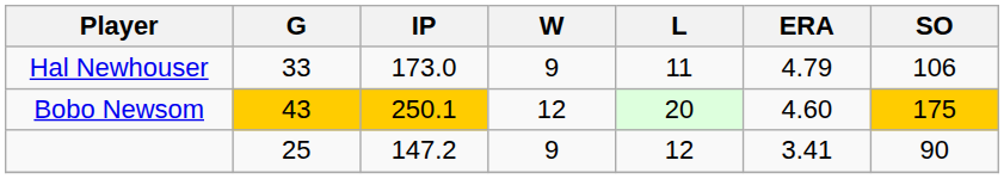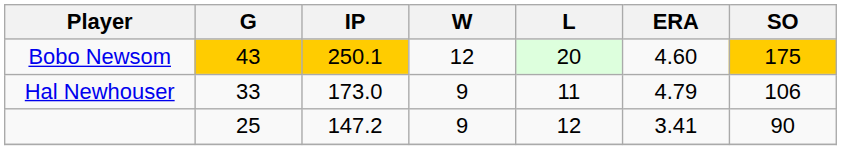 <table class="wikitable sortable">
 <tr>
 <th bgcolor="#DDDDFF" width="16%">Player</th>
 <th bgcolor="#DDDDFF" width="9%">G</th>
 <th bgcolor="#DDDDFF" width="9%">IP</th>
 <th bgcolor="#DDDDFF" width="9%">W</th>
 <th bgcolor="#DDDDFF" width="9%">L</th>
 <th bgcolor="#DDDDFF" width="9%">ERA</th>
 <th bgcolor="#DDDDFF" width="9%">SO</th>
 </tr>
 <tr align="center">
+<td><a href='#'>Bobo Newsom</a></td>
+<td style="background:#fc0;">43</td>
+<td style="background:#fc0;">250.1</td>
+<td>12</td>
+<td style="background:#DDFFDD;">20</td>
+<td>4.60</td>
+<td style="background:#fc0;">175</td>
+</tr>
+<tr align="center">
 <td><a href='#'>Hal Newhouser</a></td>
 <td>33</td>
 <td>173.0</td>
 <td>9</td>
 <td>11</td>
 <td>4.79</td>
 <td>106</td>
-</tr>
-<tr align="center">
-<td><a href='#'>Bobo Newsom</a></td>
-<td style="background:#fc0;">43</td>
-<td style="background:#fc0;">250.1</td>
-<td>12</td>
-<td style="background:#DDFFDD;">20</td>
-<td>4.60</td>
-<td style="background:#fc0;">175</td>
 </tr>
 <tr align="center">
 <td></td>
 <td>25</td>
 <td>147.2</td>
 <td>9</td>
 <td>12</td>
 <td>3.41</td>
 <td>90</td>
 </tr>
 <tr align="center">
 </tr>
 </table>
